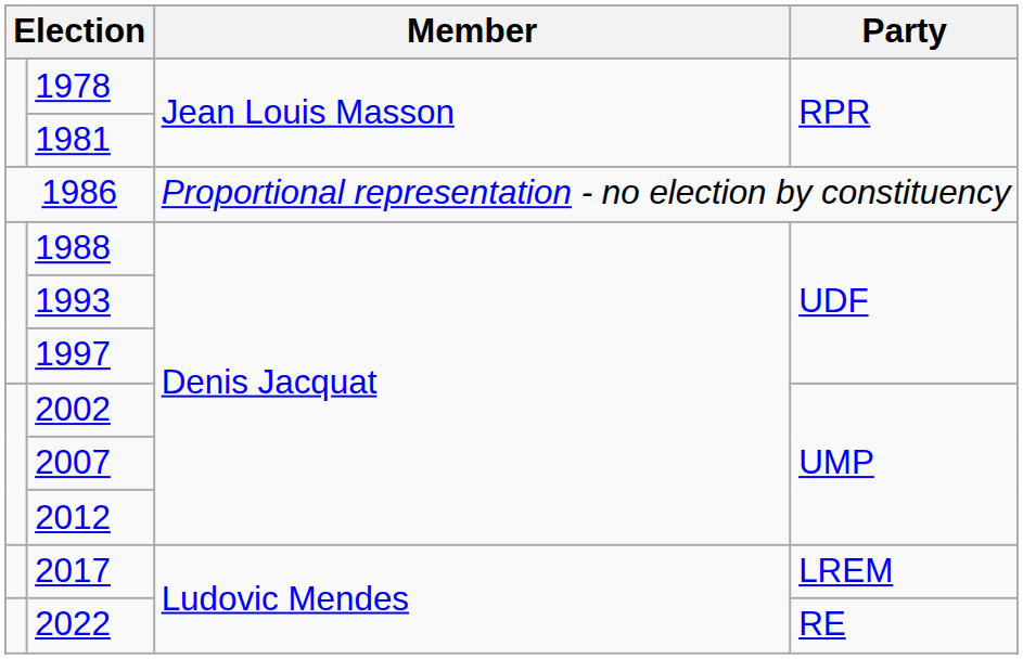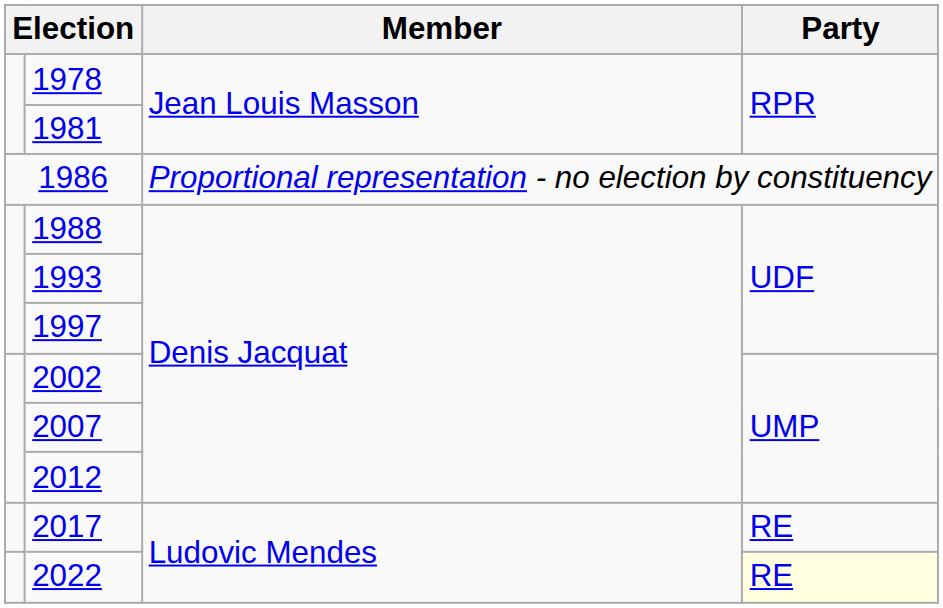 <table class="wikitable">
 <tr>
 <th colspan="2">Election</th>
 <th>Member</th>
 <th>Party</th>
 </tr>
 <tr>
 <td rowspan="2" style="background-color: "></td>
 <td><a href='#'>1978</a></td>
 <td rowspan="2"><a href='#'>Jean Louis Masson</a></td>
 <td rowspan="2"><a href='#'>RPR</a></td>
 </tr>
 <tr>
 <td><a href='#'>1981</a></td>
 </tr>
 <tr>
 <td colspan="2" align="center"><a href='#'>1986</a></td>
 <td colspan="2"><em><a href='#'>Proportional representation</a> - no election by constituency</em></td>
 </tr>
 <tr>
 <td rowspan="3" style="background-color: "></td>
 <td><a href='#'>1988</a></td>
 <td rowspan="6"><a href='#'>Denis Jacquat</a></td>
 <td rowspan="3"><a href='#'>UDF</a></td>
 </tr>
 <tr>
 <td><a href='#'>1993</a></td>
 </tr>
 <tr>
 <td><a href='#'>1997</a></td>
 </tr>
 <tr>
 <td rowspan="3" style="background-color: "></td>
 <td><a href='#'>2002</a></td>
 <td rowspan="3"><a href='#'>UMP</a></td>
 </tr>
 <tr>
 <td><a href='#'>2007</a></td>
 </tr>
 <tr>
 <td><a href='#'>2012</a></td>
 </tr>
 <tr>
 <td style="color:inherit;background-color: "></td>
 <td><a href='#'>2017</a></td>
 <td rowspan="2"><a href='#'>Ludovic Mendes</a></td>
-<td><a href='#'>LREM</a></td>
+<td><a href='#'>RE</a></td>
 </tr>
 <tr>
 <td style="color:inherit;background-color: "></td>
 <td><a href='#'>2022</a></td>
-<td><a href='#'>RE</a></td>
+<td style="background: lightyellow;"><a href='#'>RE</a></td>
 </tr>
 </table>
